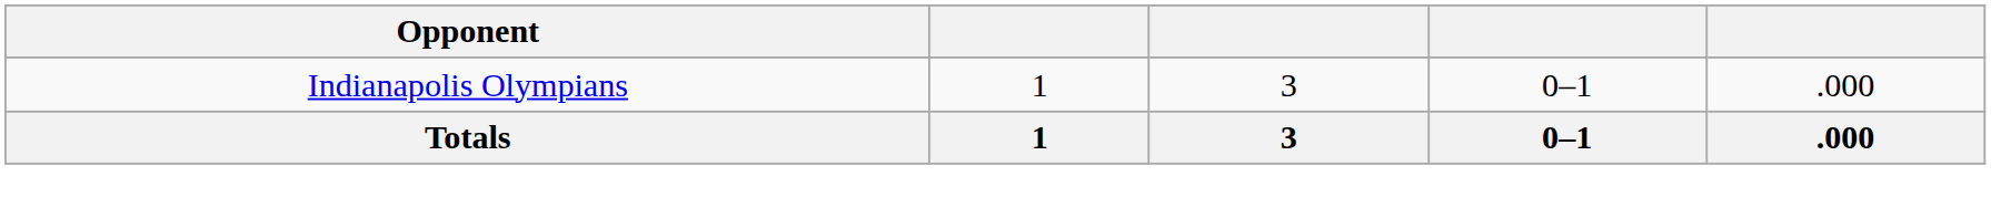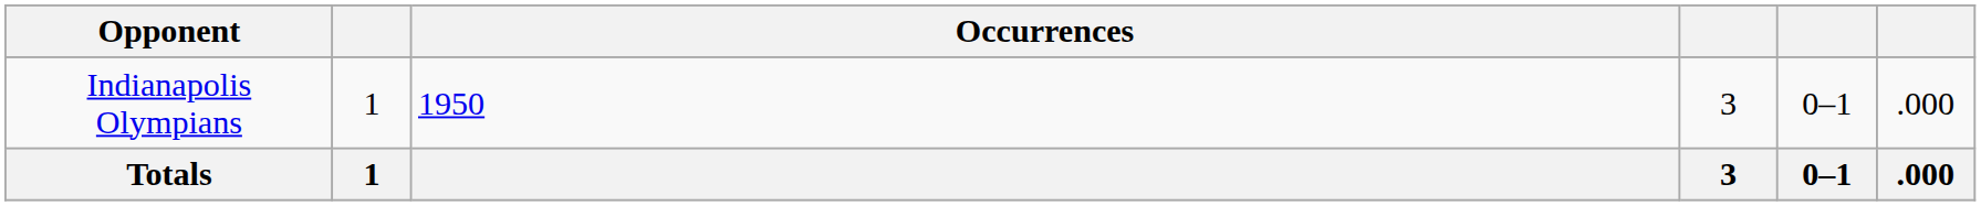 <table class="wikitable sortable" style="text-align: center; width: 75%;">
 <tr>
 <th width="150">Opponent</th>
 <th width="30"></th>
+<th>Occurrences</th>
 <th width="40"></th>
 <th width="40"></th>
 <th width="40"></th>
 </tr>
 <tr>
 <td><a href='#'>Indianapolis Olympians</a></td>
 <td>1</td>
+<td align=left><a href='#'>1950</a></td>
 <td>3</td>
 <td>0–1</td>
 <td>.000</td>
 </tr>
 <tr>
 <th width="150">Totals</th>
 <th width="30">1</th>
+<th></th>
 <th width="40">3</th>
 <th width="40">0–1</th>
 <th width="40">.000</th>
 </tr>
 </table>
